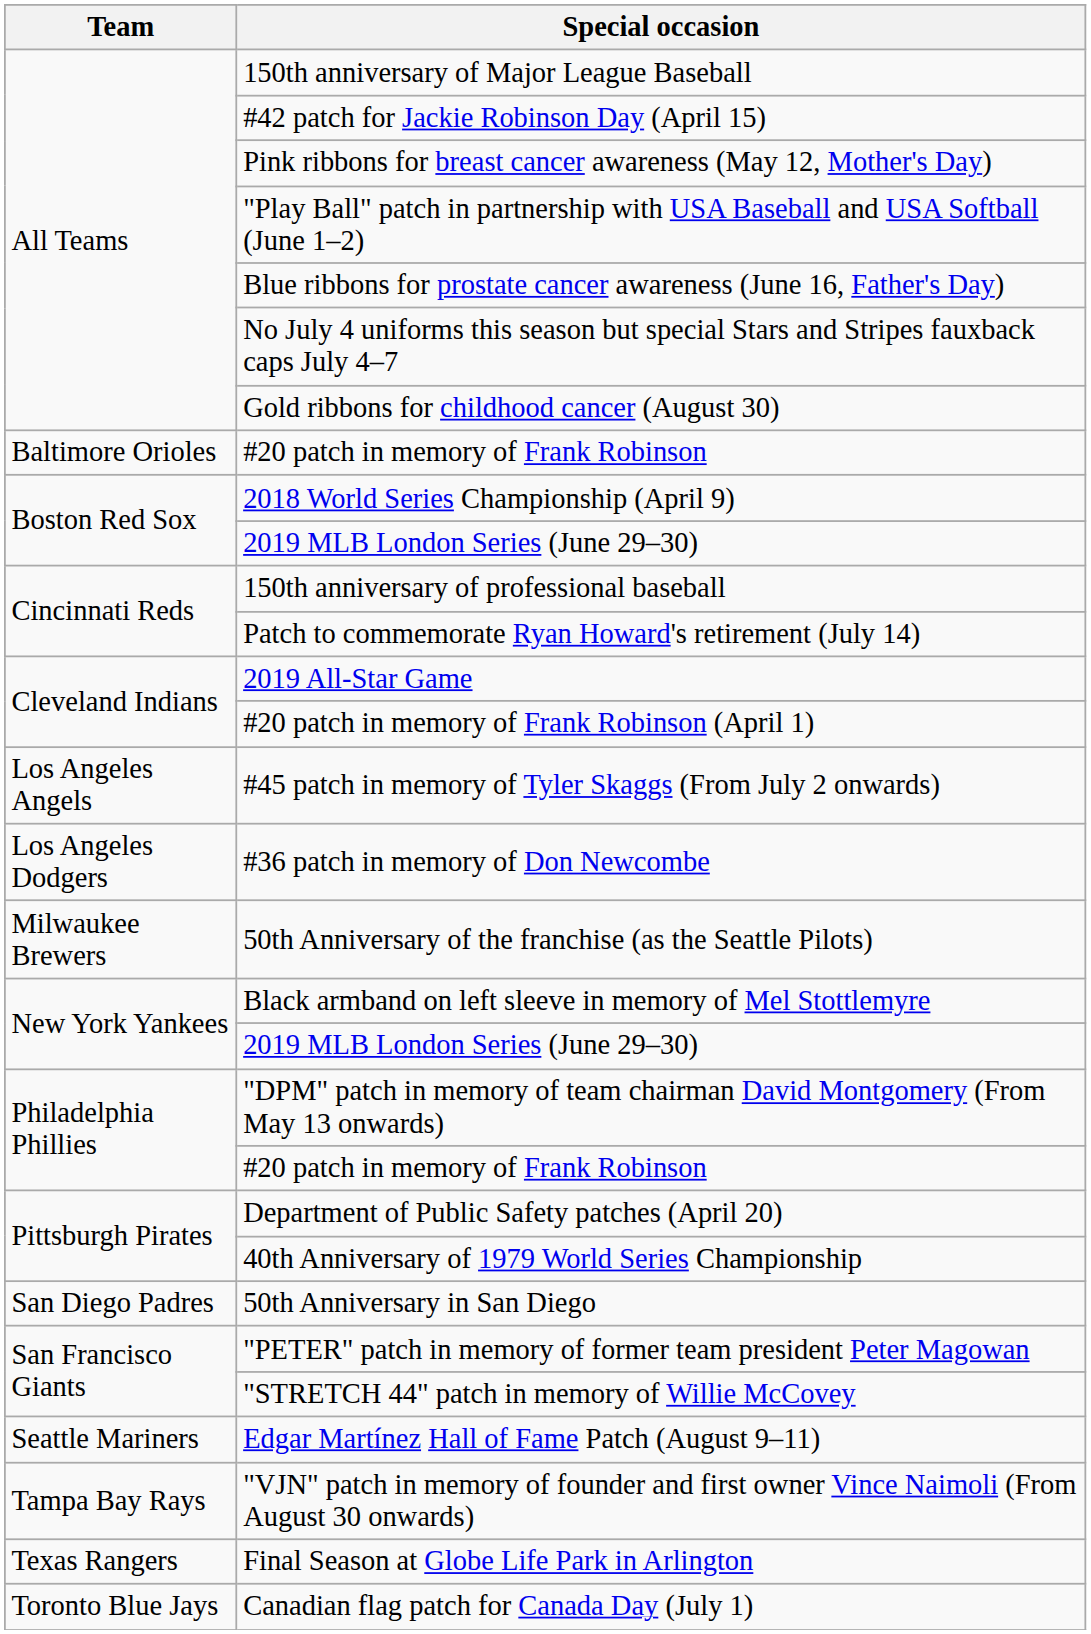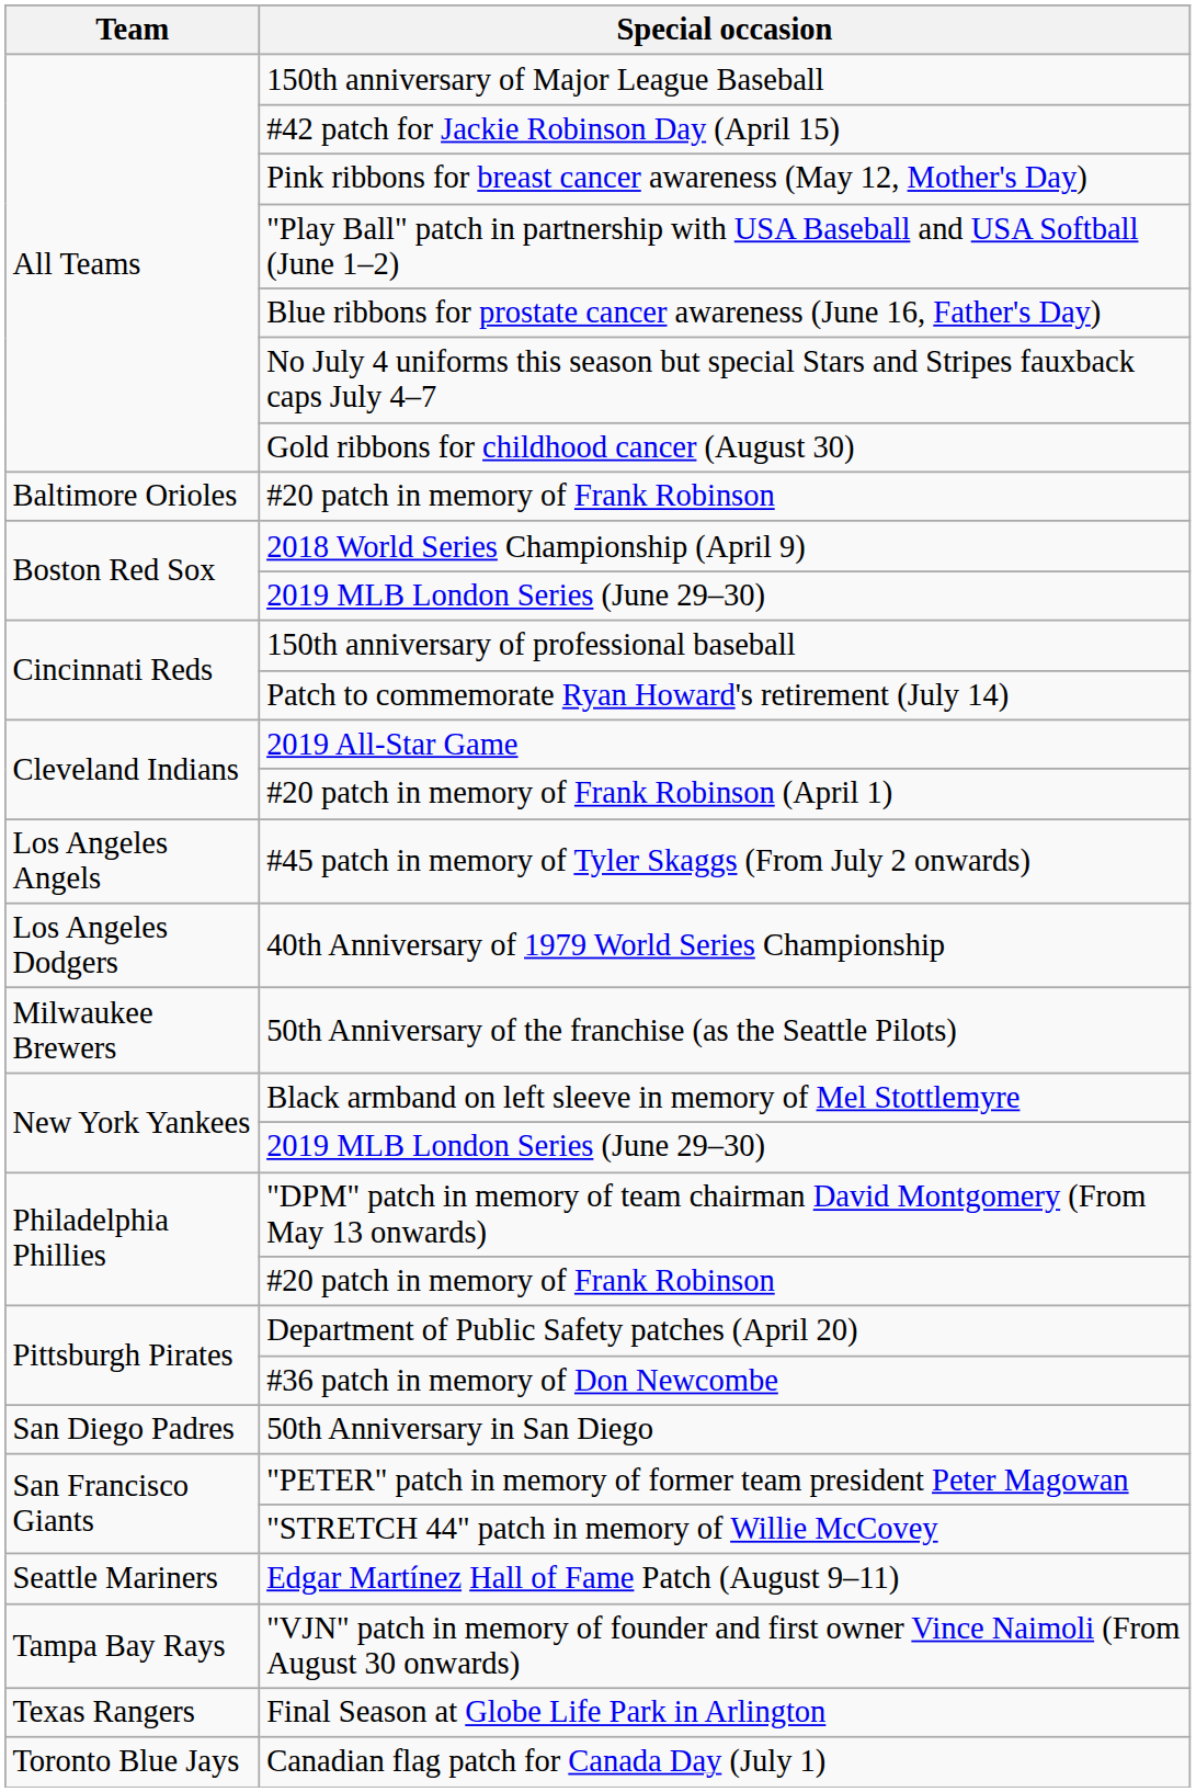 <table class="wikitable">
 <tr>
 <th>Team</th>
 <th>Special occasion</th>
 </tr>
 <tr>
 <td rowspan=7>All Teams</td>
 <td>150th anniversary of Major League Baseball</td>
 </tr>
 <tr>
 <td>#42 patch for <a href='#'>Jackie Robinson Day</a> (April 15)</td>
 </tr>
 <tr>
 <td>Pink ribbons for <a href='#'>breast cancer</a> awareness (May 12, <a href='#'>Mother's Day</a>)</td>
 </tr>
 <tr>
 <td>"Play Ball" patch in partnership with <a href='#'>USA Baseball</a> and <a href='#'>USA Softball</a> (June 1–2)</td>
 </tr>
 <tr>
 <td>Blue ribbons for <a href='#'>prostate cancer</a> awareness (June 16, <a href='#'>Father's Day</a>)</td>
 </tr>
 <tr>
 <td>No July 4 uniforms this season but special Stars and Stripes fauxback caps July 4–7</td>
 </tr>
 <tr>
 <td>Gold ribbons for <a href='#'>childhood cancer</a> (August 30)</td>
 </tr>
 <tr>
 <td>Baltimore Orioles</td>
 <td>#20 patch in memory of <a href='#'>Frank Robinson</a></td>
 </tr>
 <tr>
 <td rowspan="2">Boston Red Sox</td>
 <td><a href='#'>2018 World Series</a> Championship (April 9)</td>
 </tr>
 <tr>
 <td><a href='#'>2019 MLB London Series</a> (June 29–30)</td>
 </tr>
 <tr>
 <td rowspan="2">Cincinnati Reds</td>
 <td>150th anniversary of professional baseball</td>
 </tr>
 <tr>
 <td>Patch to commemorate <a href='#'>Ryan Howard</a>'s retirement (July 14)</td>
 </tr>
 <tr>
 <td rowspan="2">Cleveland Indians</td>
 <td><a href='#'>2019 All-Star Game</a></td>
 </tr>
 <tr>
 <td>#20 patch in memory of <a href='#'>Frank Robinson</a> (April 1)</td>
 </tr>
 <tr>
 <td>Los Angeles Angels</td>
 <td>#45 patch in memory of <a href='#'>Tyler Skaggs</a> (From July 2 onwards)</td>
 </tr>
 <tr>
 <td>Los Angeles Dodgers</td>
-<td>#36 patch in memory of <a href='#'>Don Newcombe</a></td>
+<td>40th Anniversary of <a href='#'>1979 World Series</a> Championship</td>
 </tr>
 <tr>
 <td>Milwaukee Brewers</td>
 <td>50th Anniversary of the franchise (as the Seattle Pilots)</td>
 </tr>
 <tr>
 <td rowspan="2">New York Yankees</td>
 <td>Black armband on left sleeve in memory of <a href='#'>Mel Stottlemyre</a></td>
 </tr>
 <tr>
 <td><a href='#'>2019 MLB London Series</a> (June 29–30)</td>
 </tr>
 <tr>
 <td rowspan="2">Philadelphia Phillies</td>
 <td>"DPM" patch in memory of team chairman <a href='#'>David Montgomery</a> (From May 13 onwards)</td>
 </tr>
 <tr>
 <td>#20 patch in memory of <a href='#'>Frank Robinson</a></td>
 </tr>
 <tr>
 <td rowspan="2">Pittsburgh Pirates</td>
 <td>Department of Public Safety patches (April 20)</td>
 </tr>
 <tr>
-<td>40th Anniversary of <a href='#'>1979 World Series</a> Championship</td>
+<td>#36 patch in memory of <a href='#'>Don Newcombe</a></td>
 </tr>
 <tr>
 <td>San Diego Padres</td>
 <td>50th Anniversary in San Diego</td>
 </tr>
 <tr>
 <td rowspan="2">San Francisco Giants</td>
 <td>"PETER" patch in memory of former team president <a href='#'>Peter Magowan</a></td>
 </tr>
 <tr>
 <td>"STRETCH 44" patch in memory of <a href='#'>Willie McCovey</a></td>
 </tr>
 <tr>
 <td>Seattle Mariners</td>
 <td><a href='#'>Edgar Martínez</a> <a href='#'>Hall of Fame</a> Patch (August 9–11)</td>
 </tr>
 <tr>
 <td>Tampa Bay Rays</td>
 <td>"VJN" patch in memory of founder and first owner <a href='#'>Vince Naimoli</a> (From August 30 onwards)</td>
 </tr>
 <tr>
 <td>Texas Rangers</td>
 <td>Final Season at <a href='#'>Globe Life Park in Arlington</a></td>
 </tr>
 <tr>
 <td>Toronto Blue Jays</td>
 <td>Canadian flag patch for <a href='#'>Canada Day</a> (July 1)</td>
 </tr>
 </table>
